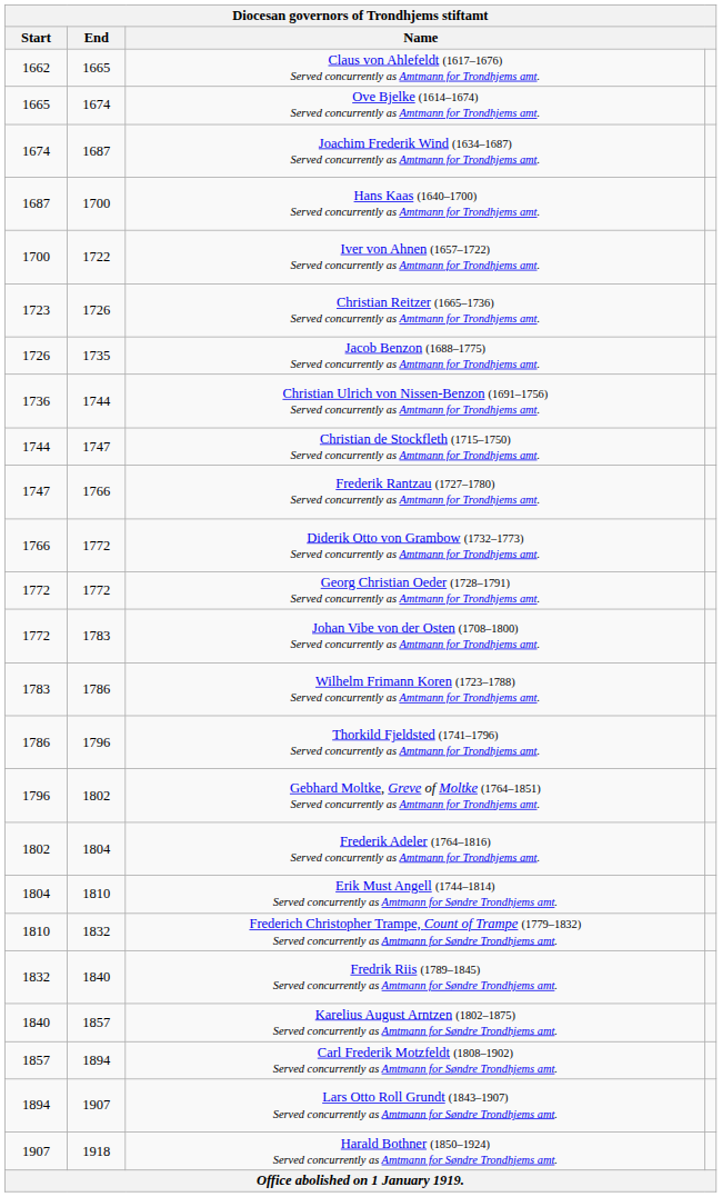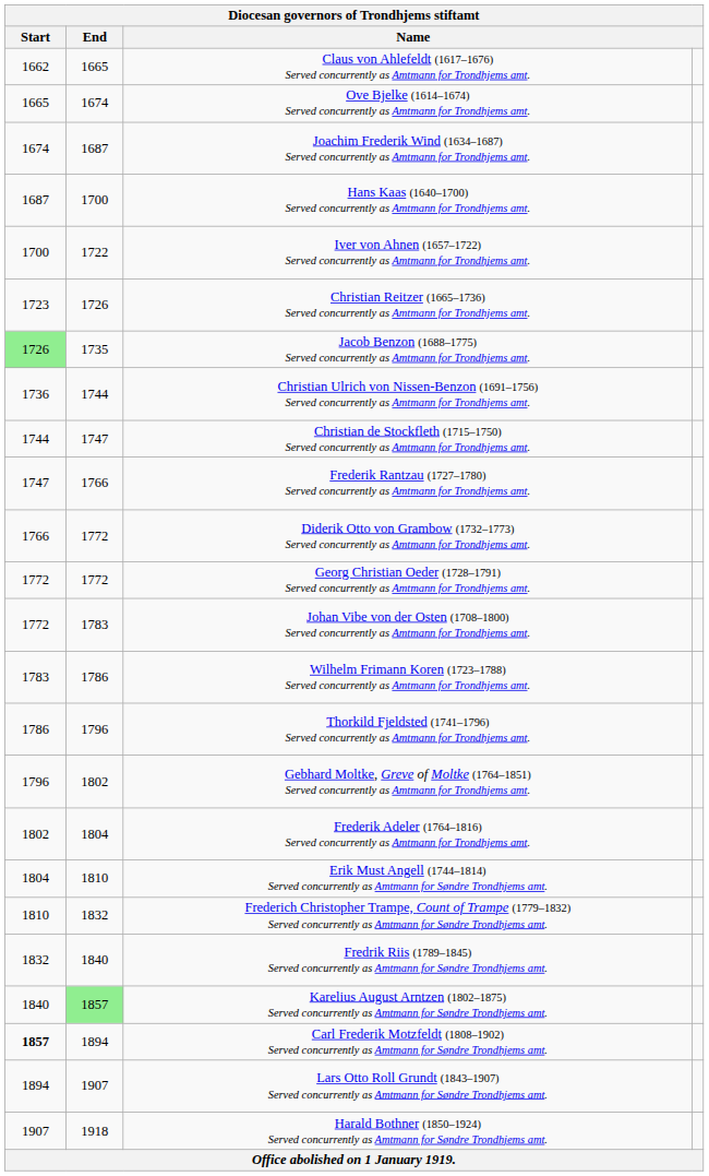 <table class="wikitable" style="text-align:center" width="65%">
 <tr>
 <th colspan=4>Diocesan governors of Trondhjems stiftamt</th>
 </tr>
 <tr>
 <th>Start</th>
 <th>End</th>
 <th colspan="2">Name</th>
 </tr>
 <tr>
 <td>1662</td>
 <td>1665</td>
 <td><a href='#'>Claus von Ahlefeldt</a> <small>(1617–1676)<br><em>Served concurrently as <a href='#'>Amtmann for Trondhjems amt</a>.</em></small></td>
 <td></td>
 </tr>
 <tr>
 <td>1665</td>
 <td>1674</td>
 <td><a href='#'>Ove Bjelke</a> <small>(1614–1674)<br><em>Served concurrently as <a href='#'>Amtmann for Trondhjems amt</a>.</em></small></td>
 <td></td>
 </tr>
 <tr>
 <td>1674</td>
 <td>1687</td>
 <td><a href='#'>Joachim Frederik Wind</a> <small>(1634–1687)<br><em>Served concurrently as <a href='#'>Amtmann for Trondhjems amt</a>.</em></small></td>
 <td><br><br><br></td>
 </tr>
 <tr>
 <td>1687</td>
 <td>1700</td>
 <td><a href='#'>Hans Kaas</a> <small>(1640–1700)<br><em>Served concurrently as <a href='#'>Amtmann for Trondhjems amt</a>.</em></small></td>
 <td><br><br><br></td>
 </tr>
 <tr>
 <td>1700</td>
 <td>1722</td>
 <td><a href='#'>Iver von Ahnen</a> <small>(1657–1722)<br><em>Served concurrently as <a href='#'>Amtmann for Trondhjems amt</a>.</em></small></td>
 <td><br><br><br></td>
 </tr>
 <tr>
 <td>1723</td>
 <td>1726</td>
 <td><a href='#'>Christian Reitzer</a> <small>(1665–1736)<br><em>Served concurrently as <a href='#'>Amtmann for Trondhjems amt</a>.</em></small></td>
 <td><br><br><br></td>
 </tr>
 <tr>
-<td>1726</td>
+<td style="background: lightgreen;">1726</td>
 <td>1735</td>
 <td><a href='#'>Jacob Benzon</a> <small>(1688–1775)<br><em>Served concurrently as <a href='#'>Amtmann for Trondhjems amt</a>.</em></small></td>
 <td></td>
 </tr>
 <tr>
 <td>1736</td>
 <td>1744</td>
 <td><a href='#'>Christian Ulrich von Nissen-Benzon</a> <small>(1691–1756)<br><em>Served concurrently as <a href='#'>Amtmann for Trondhjems amt</a>.</em></small></td>
 <td><br><br><br></td>
 </tr>
 <tr>
 <td>1744</td>
 <td>1747</td>
 <td><a href='#'>Christian de Stockfleth</a> <small>(1715–1750)<br><em>Served concurrently as <a href='#'>Amtmann for Trondhjems amt</a>.</em></small></td>
 <td></td>
 </tr>
 <tr>
 <td>1747</td>
 <td>1766</td>
 <td><a href='#'>Frederik Rantzau</a> <small>(1727–1780)<br><em>Served concurrently as <a href='#'>Amtmann for Trondhjems amt</a>.</em></small></td>
 <td><br><br><br></td>
 </tr>
 <tr>
 <td>1766</td>
 <td>1772</td>
 <td><a href='#'>Diderik Otto von Grambow</a> <small>(1732–1773)<br><em>Served concurrently as <a href='#'>Amtmann for Trondhjems amt</a>.</em></small></td>
 <td><br><br><br></td>
 </tr>
 <tr>
 <td>1772</td>
 <td>1772</td>
 <td><a href='#'>Georg Christian Oeder</a> <small>(1728–1791)<br><em>Served concurrently as <a href='#'>Amtmann for Trondhjems amt</a>.</em></small></td>
 <td></td>
 </tr>
 <tr>
 <td>1772</td>
 <td>1783</td>
 <td><a href='#'>Johan Vibe von der Osten</a> <small>(1708–1800)<br><em>Served concurrently as <a href='#'>Amtmann for Trondhjems amt</a>.</em></small></td>
 <td><br><br><br></td>
 </tr>
 <tr>
 <td>1783</td>
 <td>1786</td>
 <td><a href='#'>Wilhelm Frimann Koren</a> <small>(1723–1788)<br><em>Served concurrently as <a href='#'>Amtmann for Trondhjems amt</a>.</em></small></td>
 <td><br><br><br></td>
 </tr>
 <tr>
 <td>1786</td>
 <td>1796</td>
 <td><a href='#'>Thorkild Fjeldsted</a> <small>(1741–1796)<br><em>Served concurrently as <a href='#'>Amtmann for Trondhjems amt</a>.</em></small></td>
 <td><br><br><br></td>
 </tr>
 <tr>
 <td>1796</td>
 <td>1802</td>
 <td><a href='#'>Gebhard Moltke</a>, <em><a href='#'>Greve</a> of <a href='#'>Moltke</a></em> <small>(1764–1851)<br><em>Served concurrently as <a href='#'>Amtmann for Trondhjems amt</a>.</em></small></td>
 <td><br><br><br></td>
 </tr>
 <tr>
 <td>1802</td>
 <td>1804</td>
 <td><a href='#'>Frederik Adeler</a> <small>(1764–1816)<br><em>Served concurrently as <a href='#'>Amtmann for Trondhjems amt</a>.</em></small></td>
 <td><br><br><br></td>
 </tr>
 <tr>
 <td>1804</td>
 <td>1810</td>
 <td><a href='#'>Erik Must Angell</a> <small>(1744–1814)<br><em>Served concurrently as <a href='#'>Amtmann for Søndre Trondhjems amt</a>.</em></small></td>
 <td></td>
 </tr>
 <tr>
 <td>1810</td>
 <td>1832</td>
 <td><a href='#'>Frederich Christopher Trampe, <em>Count of Trampe</em></a> <small>(1779–1832)<br><em>Served concurrently as <a href='#'>Amtmann for Søndre Trondhjems amt</a>.</em></small></td>
 <td></td>
 </tr>
 <tr>
 <td>1832</td>
 <td>1840</td>
 <td><a href='#'>Fredrik Riis</a> <small>(1789–1845)<br><em>Served concurrently as <a href='#'>Amtmann for Søndre Trondhjems amt</a>.</em></small></td>
 <td><br><br><br></td>
 </tr>
 <tr>
 <td>1840</td>
-<td>1857</td>
+<td style="background: lightgreen;">1857</td>
 <td><a href='#'>Karelius August Arntzen</a> <small>(1802–1875)<br><em>Served concurrently as <a href='#'>Amtmann for Søndre Trondhjems amt</a>.</em></small></td>
 <td></td>
 </tr>
 <tr>
-<td>1857</td>
+<td><strong>1857</strong></td>
 <td>1894</td>
 <td><a href='#'>Carl Frederik Motzfeldt</a> <small>(1808–1902)<br><em>Served concurrently as <a href='#'>Amtmann for Søndre Trondhjems amt</a>.</em></small></td>
 <td></td>
 </tr>
 <tr>
 <td>1894</td>
 <td>1907</td>
 <td><a href='#'>Lars Otto Roll Grundt</a> <small>(1843–1907)<br><em>Served concurrently as <a href='#'>Amtmann for Søndre Trondhjems amt</a>.</em></small></td>
 <td><br><br><br></td>
 </tr>
 <tr>
 <td>1907</td>
 <td>1918</td>
 <td><a href='#'>Harald Bothner</a> <small>(1850–1924)<br><em>Served concurrently as <a href='#'>Amtmann for Søndre Trondhjems amt</a>.</em></small></td>
 <td></td>
 </tr>
 <tr>
 <th colspan=4><em>Office abolished on 1 January 1919.</em></th>
 </tr>
 </table>
